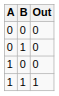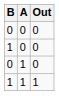 <table class="wikitable">
 <tr>
+<th>B</th>
 <th>A</th>
-<th>B</th>
 <th>Out</th>
 </tr>
 <tr>
 <td>0</td>
+<td>0</td>
+<td>0</td>
+</tr>
+<tr>
+<td>1</td>
 <td>0</td>
 <td>0</td>
 </tr>
 <tr>
 <td>0</td>
 <td>1</td>
 <td>0</td>
 </tr>
 <tr>
 <td>1</td>
-<td>0</td>
-<td>0</td>
-</tr>
-<tr>
-<td>1</td>
 <td>1</td>
 <td>1</td>
 </tr>
 </table>
